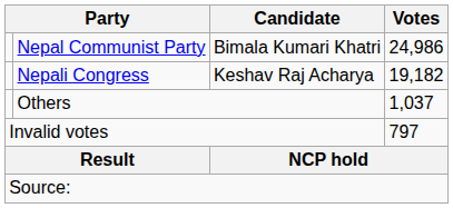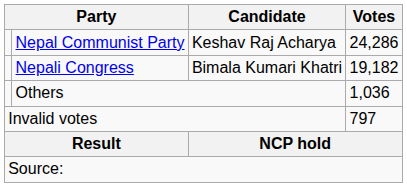 <table class="wikitable">
 <tr>
 <th colspan="2">Party</th>
 <th>Candidate</th>
 <th>Votes</th>
 </tr>
 <tr>
 <td style="background-color:"></td>
 <td><a href='#'>Nepal Communist Party</a></td>
-<td>Bimala Kumari Khatri</td>
-<td>24,986</td>
+<td>Keshav Raj Acharya</td>
+<td>24,286</td>
 </tr>
 <tr>
 <td style="background-color:"></td>
 <td><a href='#'>Nepali Congress</a></td>
-<td>Keshav Raj Acharya</td>
+<td>Bimala Kumari Khatri</td>
 <td>19,182</td>
 </tr>
 <tr>
 <td></td>
 <td colspan="2">Others</td>
-<td>1,037</td>
+<td>1,036</td>
 </tr>
 <tr>
 <td colspan="3">Invalid votes</td>
 <td>797</td>
 </tr>
 <tr>
 <th colspan="2">Result</th>
 <th colspan="2">NCP hold</th>
 </tr>
 <tr>
 <td colspan="4">Source: </td>
 </tr>
 </table>
